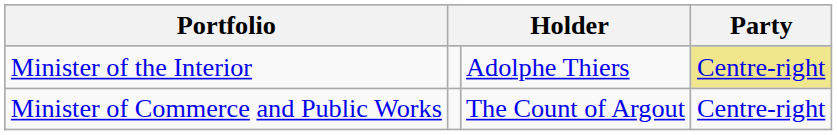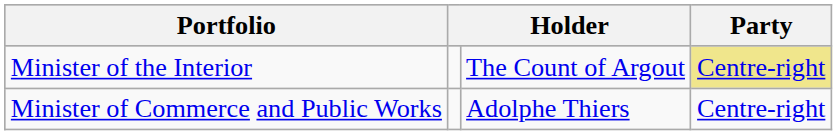 <table class="wikitable">
 <tr>
 <th>Portfolio</th>
 <th colspan=2>Holder</th>
 <th>Party</th>
 </tr>
 <tr>
 <td><a href='#'>Minister of the Interior</a></td>
 <td style="background:"></td>
-<td><a href='#'>Adolphe Thiers</a></td>
+<td><a href='#'>The Count of Argout</a></td>
 <td style="background: khaki;"><a href='#'>Centre-right</a></td>
 </tr>
 <tr>
 <td><a href='#'>Minister of Commerce</a> <a href='#'>and Public Works</a></td>
 <td style="background:"></td>
-<td><a href='#'>The Count of Argout</a></td>
+<td><a href='#'>Adolphe Thiers</a></td>
 <td><a href='#'>Centre-right</a></td>
 </tr>
 </table>
